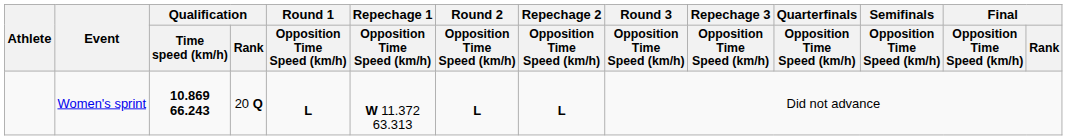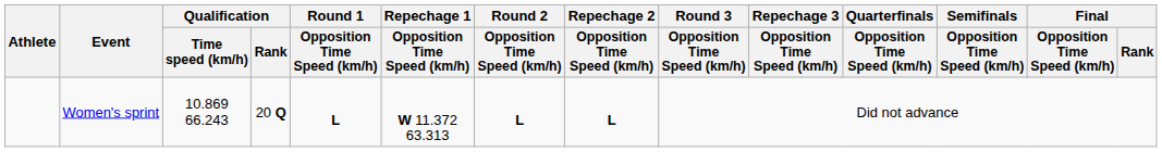 <table class=wikitable style=font-size:90%>
 <tr>
 <th rowspan=2>Athlete</th>
 <th rowspan=2>Event</th>
 <th colspan=2>Qualification</th>
 <th>Round 1</th>
 <th>Repechage 1</th>
 <th>Round 2</th>
 <th>Repechage 2</th>
 <th>Round 3</th>
 <th>Repechage 3</th>
 <th>Quarterfinals</th>
 <th>Semifinals</th>
 <th colspan=2>Final</th>
 </tr>
 <tr style=font-size:95%>
 <th>Time<br>speed (km/h)</th>
 <th>Rank</th>
 <th>Opposition<br>Time<br>Speed (km/h)</th>
 <th>Opposition<br>Time<br>Speed (km/h)</th>
 <th>Opposition<br>Time<br>Speed (km/h)</th>
 <th>Opposition<br>Time<br>Speed (km/h)</th>
 <th>Opposition<br>Time<br>Speed (km/h)</th>
 <th>Opposition<br>Time<br>Speed (km/h)</th>
 <th>Opposition<br>Time<br>Speed (km/h)</th>
 <th>Opposition<br>Time<br>Speed (km/h)</th>
 <th>Opposition<br>Time<br>Speed (km/h)</th>
 <th>Rank</th>
 </tr>
 <tr align=center>
 <td align=left></td>
 <td align=left><a href='#'>Women's sprint</a></td>
-<td><strong>10.869<br>66.243</strong></td>
+<td>10.869<br>66.243</td>
 <td>20 <strong>Q</strong></td>
 <td><br><strong>L</strong></td>
 <td><br><br><strong>W</strong> 11.372<br>63.313</td>
 <td><br><strong>L</strong></td>
 <td><br><strong>L</strong></td>
 <td colspan=6>Did not advance</td>
 </tr>
 </table>
